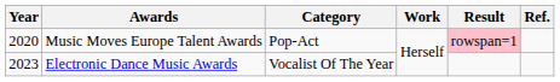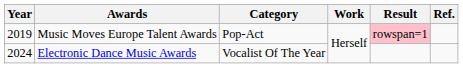 <table class="wikitable">
 <tr>
 <th>Year</th>
 <th>Awards</th>
 <th>Category</th>
 <th>Work</th>
 <th>Result</th>
 <th>Ref.</th>
 </tr>
 <tr>
-<td>2020</td>
+<td>2019</td>
 <td>Music Moves Europe Talent Awards</td>
 <td>Pop-Act</td>
 <td rowspan="2">Herself</td>
 <td style="background: pink;">rowspan=1 </td>
 <td></td>
 </tr>
 <tr>
-<td>2023</td>
+<td>2024</td>
 <td><a href='#'>Electronic Dance Music Awards</a></td>
 <td>Vocalist Of The Year</td>
 <td></td>
 <td></td>
 </tr>
 </table>
